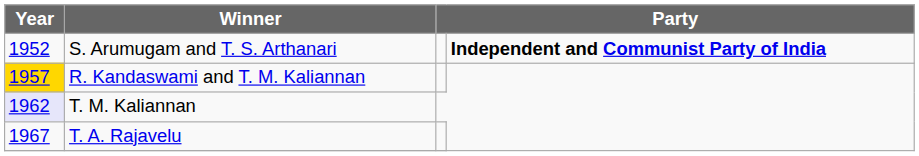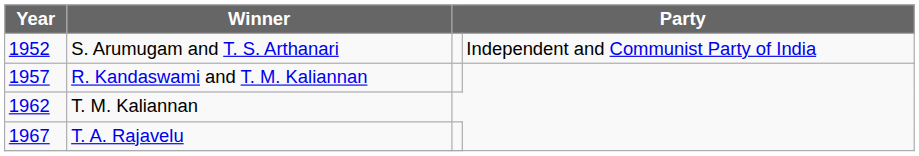 <table class="wikitable" width="50%">
 <tr>
 <th style="background-color:#666666; color:white">Year</th>
 <th style="background-color:#666666; color:white">Winner</th>
 <th style="background-color:#666666; color:white" colspan="2">Party</th>
 </tr>
 <tr>
 <td><a href='#'>1952</a></td>
 <td>S. Arumugam and <a href='#'>T. S. Arthanari</a></td>
 <td></td>
-<td><strong>Independent and <a href='#'>Communist Party of India</a></strong></td>
+<td>Independent and <a href='#'>Communist Party of India</a></td>
 </tr>
 <tr>
-<td style="background: gold;"><a href='#'>1957</a></td>
+<td><a href='#'>1957</a></td>
 <td><a href='#'>R. Kandaswami</a> and <a href='#'>T. M. Kaliannan</a></td>
 <td></td>
 </tr>
 <tr>
-<td style="background: lavender;"><a href='#'>1962</a></td>
+<td><a href='#'>1962</a></td>
 <td>T. M. Kaliannan</td>
 </tr>
 <tr>
 <td><a href='#'>1967</a></td>
 <td><a href='#'>T. A. Rajavelu</a></td>
 <td></td>
 </tr>
 <tr>
 </tr>
 </table>
